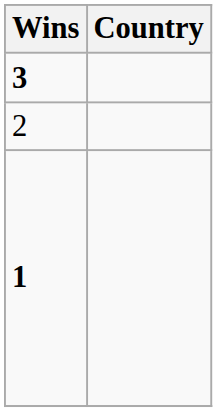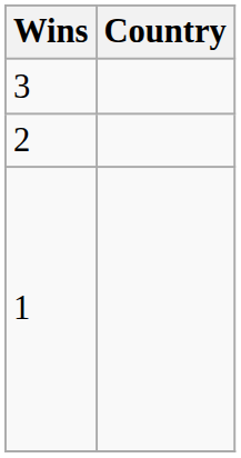 <table class="wikitable">
 <tr>
 <th>Wins</th>
 <th>Country</th>
 </tr>
 <tr>
-<td><strong>3</strong></td>
+<td>3</td>
 <td></td>
 </tr>
 <tr>
 <td>2</td>
 <td></td>
 </tr>
 <tr>
-<td><strong>1</strong></td>
+<td>1</td>
 <td><br><br><br><br><br><br><br></td>
 </tr>
 <tr>
 </tr>
 </table>
